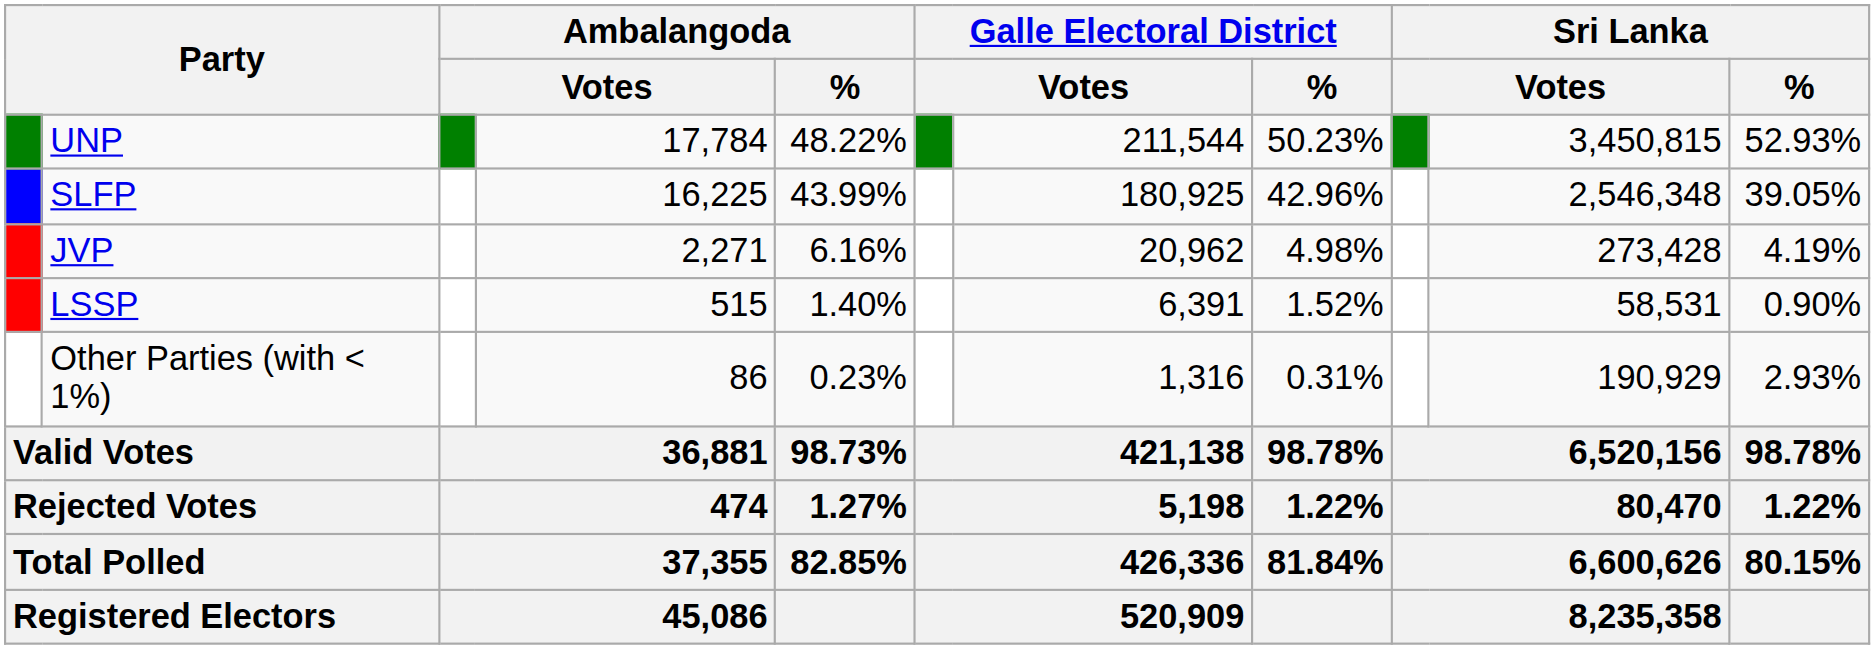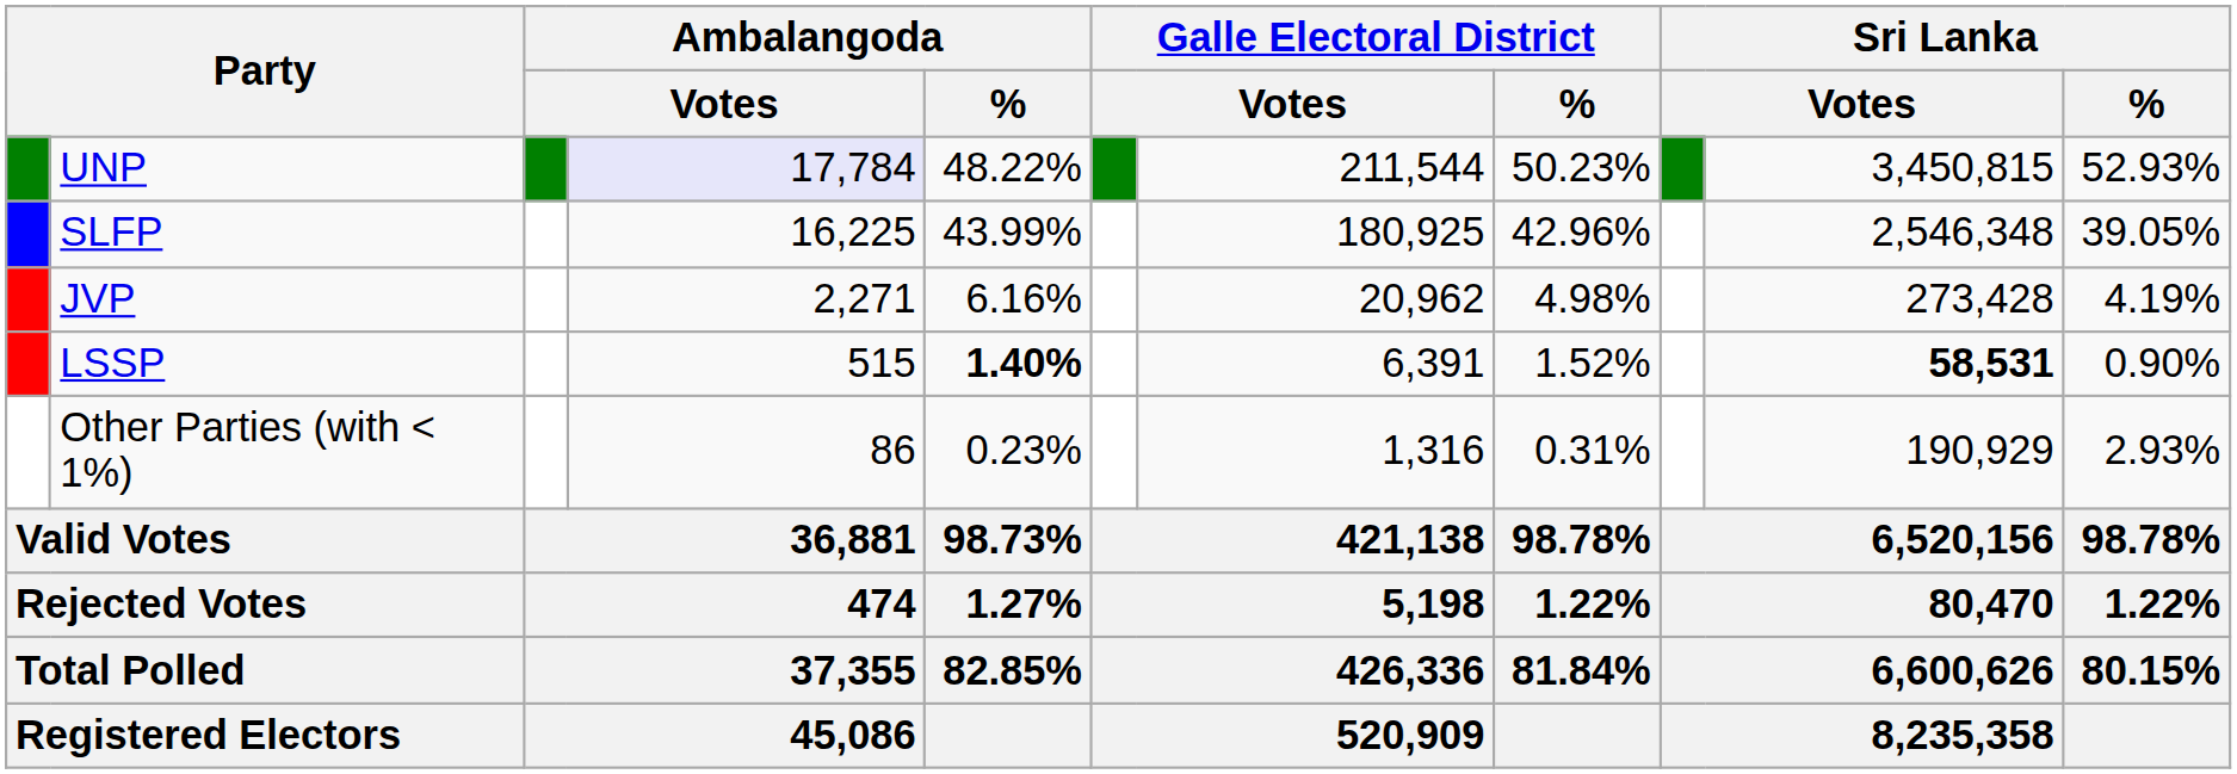 <table class="wikitable">
 <tr>
 <th colspan="2" width="144px"rowspan="2">Party</th>
 <th colspan="3" width="216px">Ambalangoda</th>
 <th colspan="3" width="216px"><a href='#'>Galle Electoral District</a></th>
 <th colspan="3" width="216px">Sri Lanka</th>
 </tr>
 <tr>
 <th colspan="2" width="144px">Votes</th>
 <th>%</th>
 <th colspan="2" width="144px">Votes</th>
 <th>%</th>
 <th colspan="2" width="144px">Votes</th>
 <th>%</th>
 </tr>
 <tr>
 <td style="background-color:green;" width="10px"></td>
 <td style="text-align:left;"><a href='#'>UNP</a></td>
 <td style="background-color:green;" width="10px"></td>
-<td style="text-align:right;">17,784</td>
+<td style="background: lavender; text-align:right;">17,784</td>
 <td style="text-align:right;">48.22%</td>
 <td style="background-color:green;" width="10px"></td>
 <td style="text-align:right;">211,544</td>
 <td style="text-align:right;">50.23%</td>
 <td style="background-color:green;" width="10px"></td>
 <td style="text-align:right;">3,450,815</td>
 <td style="text-align:right;">52.93%</td>
 </tr>
 <tr>
 <td style="background-color:blue;" width="10px"></td>
 <td style="text-align:left;"><a href='#'>SLFP</a></td>
 <td style="background-color:white;" width="10px"></td>
 <td style="text-align:right;">16,225</td>
 <td style="text-align:right;">43.99%</td>
 <td style="background-color:white;" width="10px"></td>
 <td style="text-align:right;">180,925</td>
 <td style="text-align:right;">42.96%</td>
 <td style="background-color:white;" width="10px"></td>
 <td style="text-align:right;">2,546,348</td>
 <td style="text-align:right;">39.05%</td>
 </tr>
 <tr>
 <td style="background-color:red;" width="10px"></td>
 <td style="text-align:left;"><a href='#'>JVP</a></td>
 <td style="background-color:white;" width="10px"></td>
 <td style="text-align:right;">2,271</td>
 <td style="text-align:right;">6.16%</td>
 <td style="background-color:white;" width="10px"></td>
 <td style="text-align:right;">20,962</td>
 <td style="text-align:right;">4.98%</td>
 <td style="background-color:white;" width="10px"></td>
 <td style="text-align:right;">273,428</td>
 <td style="text-align:right;">4.19%</td>
 </tr>
 <tr>
 <td style="background-color:red;" width="10px"></td>
 <td style="text-align:left;"><a href='#'>LSSP</a></td>
 <td style="background-color:white;" width="10px"></td>
 <td style="text-align:right;">515</td>
-<td style="text-align:right;">1.40%</td>
+<td style="text-align:right;"><strong>1.40%</strong></td>
 <td style="background-color:white;" width="10px"></td>
 <td style="text-align:right;">6,391</td>
 <td style="text-align:right;">1.52%</td>
 <td style="background-color:white;" width="10px"></td>
-<td style="text-align:right;">58,531</td>
+<td style="text-align:right;"><strong>58,531</strong></td>
 <td style="text-align:right;">0.90%</td>
 </tr>
 <tr>
 <td style="background-color:white;" width="10px"></td>
 <td style="text-align:left;">Other Parties (with < 1%)</td>
 <td style="background-color:white;" width="10px"></td>
 <td style="text-align:right;">86</td>
 <td style="text-align:right;">0.23%</td>
 <td style="background-color:white;" width="10px"></td>
 <td style="text-align:right;">1,316</td>
 <td style="text-align:right;">0.31%</td>
 <td style="background-color:white;" width="10px"></td>
 <td style="text-align:right;">190,929</td>
 <td style="text-align:right;">2.93%</td>
 </tr>
 <tr>
 <th colspan="2" width="144px"style="text-align:left;">Valid Votes</th>
 <th style="text-align:right;"colspan="2" width="144px">36,881</th>
 <th style="text-align:right;">98.73%</th>
 <th style="text-align:right;"colspan="2" width="144px">421,138</th>
 <th style="text-align:right;">98.78%</th>
 <th style="text-align:right;"colspan="2" width="144px">6,520,156</th>
 <th style="text-align:right;">98.78%</th>
 </tr>
 <tr>
 <th colspan="2" width="144px"style="text-align:left;">Rejected Votes</th>
 <th style="text-align:right;"colspan="2" width="144px">474</th>
 <th style="text-align:right;">1.27%</th>
 <th style="text-align:right;"colspan="2" width="144px">5,198</th>
 <th style="text-align:right;">1.22%</th>
 <th style="text-align:right;"colspan="2" width="144px">80,470</th>
 <th style="text-align:right;">1.22%</th>
 </tr>
 <tr>
 <th colspan="2" width="144px"style="text-align:left;">Total Polled</th>
 <th style="text-align:right;"colspan="2" width="144px">37,355</th>
 <th style="text-align:right;">82.85%</th>
 <th style="text-align:right;"colspan="2" width="144px">426,336</th>
 <th style="text-align:right;">81.84%</th>
 <th style="text-align:right;"colspan="2" width="144px">6,600,626</th>
 <th style="text-align:right;">80.15%</th>
 </tr>
 <tr>
 <th colspan="2" width="144px"style="text-align:left;">Registered Electors</th>
 <th style="text-align:right;"colspan="2" width="144px">45,086</th>
 <th></th>
 <th style="text-align:right;"colspan="2" width="144px">520,909</th>
 <th></th>
 <th style="text-align:right;"colspan="2" width="144px">8,235,358</th>
 <th></th>
 </tr>
 </table>
